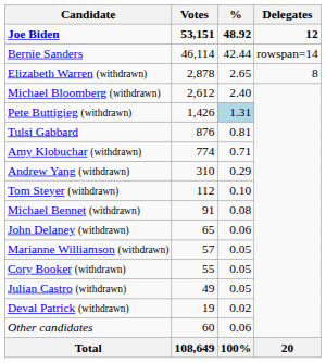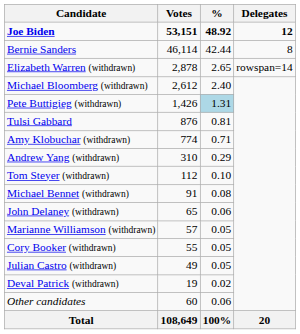 <table class="wikitable sortable" style="text-align:right;">
 <tr>
 <th>Candidate</th>
 <th>Votes</th>
 <th>%</th>
 <th>Delegates</th>
 </tr>
 <tr>
 <td style="text-align:left;" data-sort-value="Biden, Joe"><strong><a href='#'>Joe Biden</a></strong></td>
 <td><strong>53,151</strong></td>
 <td><strong>48.92</strong></td>
 <td><strong>12</strong></td>
 </tr>
 <tr>
 <td style="text-align:left;" data-sort-value="Sanders, Bernie"><a href='#'>Bernie Sanders</a></td>
 <td>46,114</td>
 <td>42.44</td>
-<td>rowspan=14 </td>
+<td>8</td>
 </tr>
 <tr>
 <td style="text-align:left;" data-sort-value="Warren, Elizabeth"><a href='#'>Elizabeth Warren</a> <small>(withdrawn)</small></td>
 <td>2,878</td>
 <td>2.65</td>
-<td>8</td>
+<td>rowspan=14 </td>
 </tr>
 <tr>
 <td style="text-align:left;" data-sort-value="Bloomberg, Michael"><a href='#'>Michael Bloomberg</a> <small>(withdrawn)</small></td>
 <td>2,612</td>
 <td>2.40</td>
 </tr>
 <tr>
 <td style="text-align:left;" data-sort-value="Buttigieg, Pete"><a href='#'>Pete Buttigieg</a> <small>(withdrawn)</small></td>
 <td>1,426</td>
 <td style="background: lightblue;">1.31</td>
 </tr>
 <tr>
 <td style="text-align:left;" data-sort-value="Gabbard, Tulsi"><a href='#'>Tulsi Gabbard</a></td>
 <td>876</td>
 <td>0.81</td>
 </tr>
 <tr>
 <td style="text-align:left;" data-sort-value="Klobuchar, Amy"><a href='#'>Amy Klobuchar</a> <small>(withdrawn)</small></td>
 <td>774</td>
 <td>0.71</td>
 </tr>
 <tr>
 <td style="text-align:left;" data-sort-value="Yang, Andrew"><a href='#'>Andrew Yang</a> <small>(withdrawn)</small></td>
 <td>310</td>
 <td>0.29</td>
 </tr>
 <tr>
 <td style="text-align:left;" data-sort-value="Steyer, Tom"><a href='#'>Tom Steyer</a> <small>(withdrawn)</small></td>
 <td>112</td>
 <td>0.10</td>
 </tr>
 <tr>
 <td style="text-align:left;" data-sort-value="Bennet, Michael"><a href='#'>Michael Bennet</a> <small>(withdrawn)</small></td>
 <td>91</td>
 <td>0.08</td>
 </tr>
 <tr>
 <td style="text-align:left;" data-sort-value="Delaney, John"><a href='#'>John Delaney</a> <small>(withdrawn)</small></td>
 <td>65</td>
 <td>0.06</td>
 </tr>
 <tr>
 <td style="text-align:left;" data-sort-value="Williamson, Marianne"><a href='#'>Marianne Williamson</a> <small>(withdrawn)</small></td>
 <td>57</td>
 <td>0.05</td>
 </tr>
 <tr>
 <td style="text-align:left;" data-sort-value="Booker, Cory"><a href='#'>Cory Booker</a> <small>(withdrawn)</small></td>
 <td>55</td>
 <td>0.05</td>
 </tr>
 <tr>
 <td style="text-align:left;" data-sort-value="Castro, Julian"><a href='#'>Julian Castro</a> <small>(withdrawn)</small></td>
 <td>49</td>
 <td>0.05</td>
 </tr>
 <tr>
 <td style="text-align:left;" data-sort-value="Patrick, Deval"><a href='#'>Deval Patrick</a> <small>(withdrawn)</small></td>
 <td>19</td>
 <td>0.02</td>
 </tr>
 <tr>
 <td style="text-align:left;" data-sort-value="ZZ"><em>Other candidates</em></td>
 <td>60</td>
 <td>0.06</td>
 </tr>
 <tr>
 <th>Total</th>
 <th>108,649</th>
 <th>100%</th>
 <th>20</th>
 </tr>
 </table>
